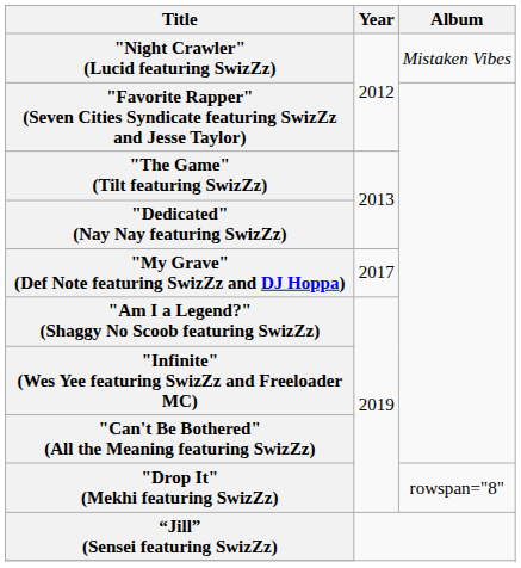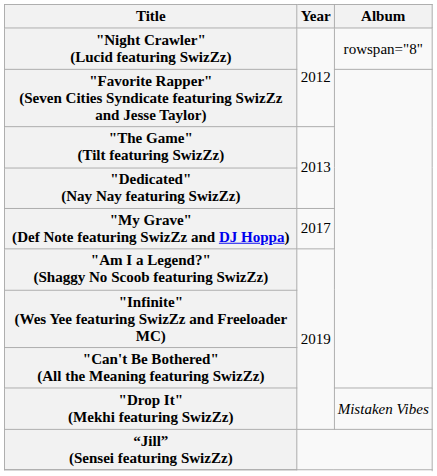 <table class="wikitable plainrowheaders" style="text-align:center;">
 <tr>
 <th scope="col" style="width:19em;">Title</th>
 <th scope="col">Year</th>
 <th scope="col">Album</th>
 </tr>
 <tr>
 <th scope="row">"Night Crawler"<br><span>(Lucid featuring SwizZz)</span></th>
 <td rowspan="2">2012</td>
-<td><em>Mistaken Vibes</em></td>
+<td>rowspan="8" </td>
 </tr>
 <tr>
 <th scope="row">"Favorite Rapper"<br><span>(Seven Cities Syndicate featuring SwizZz and Jesse Taylor)</span></th>
 </tr>
 <tr>
 <th scope="row">"The Game"<br><span>(Tilt featuring SwizZz)</span></th>
 <td rowspan="2">2013</td>
 </tr>
 <tr>
 <th scope="row">"Dedicated"<br><span>(Nay Nay featuring SwizZz)</span></th>
 </tr>
 <tr>
 <th scope="row">"My Grave"<br><span>(Def Note featuring SwizZz and <a href='#'>DJ Hoppa</a>)</span></th>
 <td>2017</td>
 </tr>
 <tr>
 <th scope="row">"Am I a Legend?"<br><span>(Shaggy No Scoob featuring SwizZz)</span></th>
 <td rowspan="4">2019</td>
 </tr>
 <tr>
 <th scope="row">"Infinite"<br><span>(Wes Yee featuring SwizZz and Freeloader MC)</span></th>
 </tr>
 <tr>
 <th scope="row">"Can't Be Bothered"<br><span>(All the Meaning featuring SwizZz)</span></th>
 </tr>
 <tr>
 <th scope="row">"Drop It"<br><span>(Mekhi featuring SwizZz)</span></th>
-<td>rowspan="8" </td>
+<td><em>Mistaken Vibes</em></td>
 </tr>
 <tr>
 <th scope="row">“Jill”<br><span>(Sensei featuring SwizZz)</span></th>
 </tr>
 <tr>
 </tr>
 </table>
